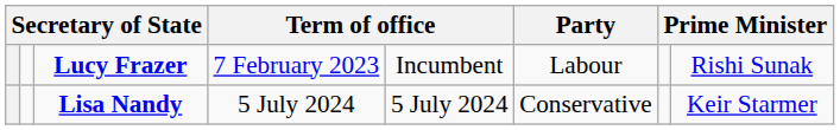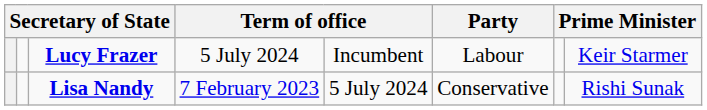 <table class="wikitable" style="text-align:center">
 <tr>
 <th colspan=3>Secretary of State</th>
 <th colspan=2>Term of office</th>
 <th>Party</th>
 <th colspan=2>Prime Minister</th>
 </tr>
 <tr style="height:1em">
 <th style="background-color:"></th>
 <td></td>
 <td><strong><a href='#'>Lucy Frazer</a></strong><br></td>
-<td><a href='#'>7 February 2023</a></td>
+<td>5 July 2024</td>
 <td>Incumbent</td>
 <td>Labour</td>
 <td style="background-color:"></td>
-<td><a href='#'>Rishi Sunak</a></td>
+<td><a href='#'>Keir Starmer</a></td>
 </tr>
 <tr style="height:1em">
 <th style="background-color:"></th>
 <td></td>
 <td><strong><a href='#'>Lisa Nandy</a></strong><br></td>
-<td>5 July 2024</td>
+<td><a href='#'>7 February 2023</a></td>
 <td>5 July 2024</td>
 <td>Conservative</td>
 <td style="background-color:"></td>
-<td><a href='#'>Keir Starmer</a></td>
+<td><a href='#'>Rishi Sunak</a></td>
 </tr>
 </table>
